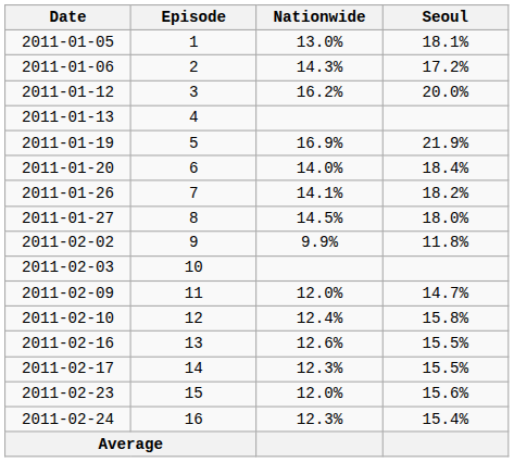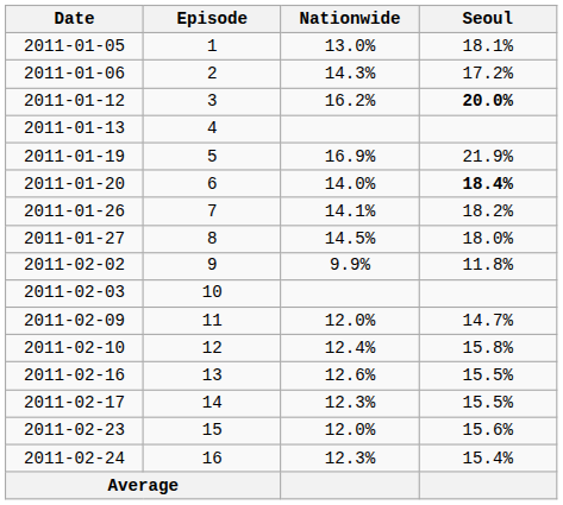 <table class="wikitable">
 <tr>
 <th width=100>Date</th>
 <th width=100>Episode</th>
 <th width=100>Nationwide</th>
 <th width=100>Seoul</th>
 </tr>
 <tr align="center">
 <td>2011-01-05</td>
 <td>1</td>
 <td>13.0% </td>
 <td>18.1% </td>
 </tr>
 <tr align="center">
 <td>2011-01-06</td>
 <td>2</td>
 <td>14.3% </td>
 <td>17.2% </td>
 </tr>
 <tr align="center">
 <td>2011-01-12</td>
 <td>3</td>
 <td>16.2% </td>
-<td>20.0% </td>
+<td><strong>20.0% </strong></td>
 </tr>
 <tr align="center">
 <td>2011-01-13</td>
 <td>4</td>
 <td><strong></strong> </td>
 <td><strong></strong> </td>
 </tr>
 <tr align="center">
 <td>2011-01-19</td>
 <td>5</td>
 <td>16.9% </td>
 <td>21.9% </td>
 </tr>
 <tr align="center">
 <td>2011-01-20</td>
 <td>6</td>
 <td>14.0% </td>
-<td>18.4% </td>
+<td><strong>18.4% </strong></td>
 </tr>
 <tr align="center">
 <td>2011-01-26</td>
 <td>7</td>
 <td>14.1% </td>
 <td>18.2% </td>
 </tr>
 <tr align="center">
 <td>2011-01-27</td>
 <td>8</td>
 <td>14.5% </td>
 <td>18.0% </td>
 </tr>
 <tr align="center">
 <td>2011-02-02</td>
 <td>9</td>
 <td>9.9% </td>
 <td>11.8% </td>
 </tr>
 <tr align="center">
 <td>2011-02-03</td>
 <td>10</td>
 <td><strong></strong> </td>
 <td><strong></strong> </td>
 </tr>
 <tr align="center">
 <td>2011-02-09</td>
 <td>11</td>
 <td>12.0% </td>
 <td>14.7% </td>
 </tr>
 <tr align="center">
 <td>2011-02-10</td>
 <td>12</td>
 <td>12.4% </td>
 <td>15.8% </td>
 </tr>
 <tr align="center">
 <td>2011-02-16</td>
 <td>13</td>
 <td>12.6% </td>
 <td>15.5% </td>
 </tr>
 <tr align="center">
 <td>2011-02-17</td>
 <td>14</td>
 <td>12.3% </td>
 <td>15.5% </td>
 </tr>
 <tr align="center">
 <td>2011-02-23</td>
 <td>15</td>
 <td>12.0% </td>
 <td>15.6% </td>
 </tr>
 <tr align="center">
 <td>2011-02-24</td>
 <td>16</td>
 <td>12.3% </td>
 <td>15.4% </td>
 </tr>
 <tr align="center">
 <th colspan=2>Average</th>
 <th></th>
 <th></th>
 </tr>
 </table>
